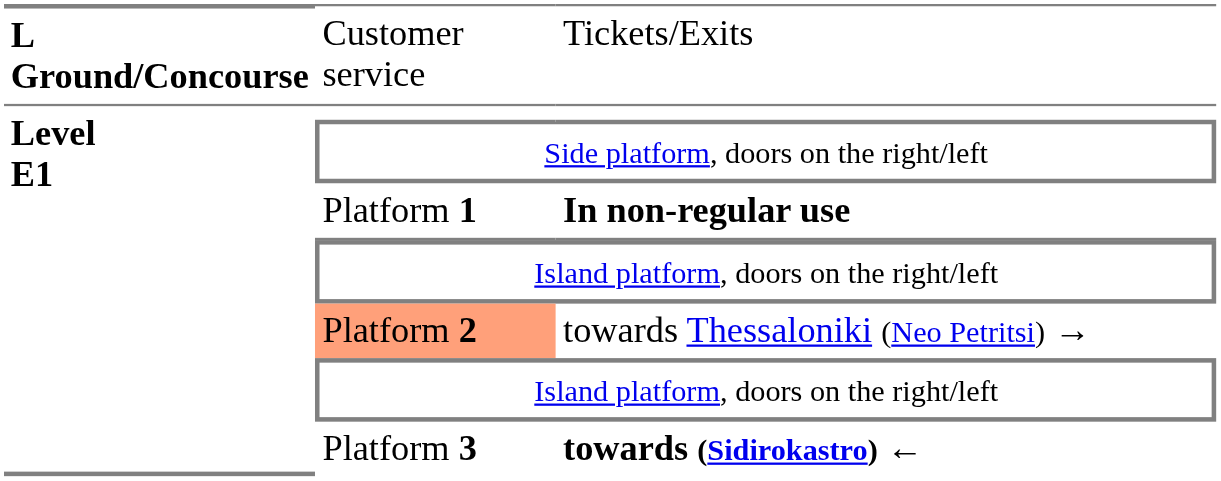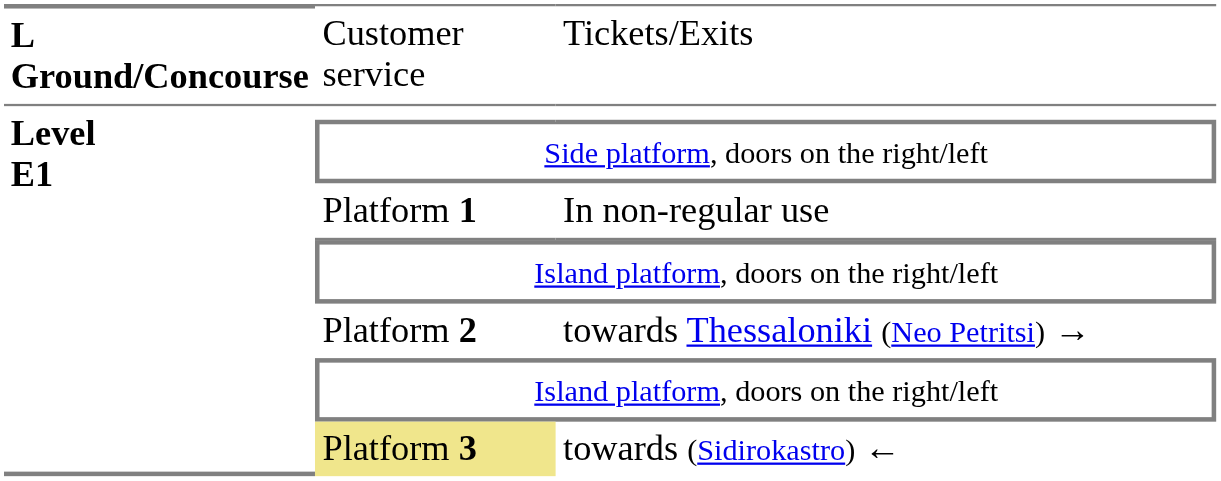 <table table border=0 cellspacing=0 cellpadding=3>
 <tr>
 <td style="border-bottom:solid 1px gray;border-top:solid 2px gray;" width=50 valign=top><strong>L<br>Ground/Concourse</strong></td>
 <td style="border-top:solid 1px gray;border-bottom:solid 1px gray;" width=100 valign=top>Customer service</td>
 <td style="border-top:solid 1px gray;border-bottom:solid 1px gray;" width=285 valign=top>Tickets/Exits</td>
 </tr>
 <tr>
 <td style="border-bottom:solid 2px gray;" rowspan=15 valign=top><strong>Level<br>Ε1</strong></td>
 <td style="border-bottom:solid 1px gray;"></td>
 <td style="border-bottom:solid 1px gray;"></td>
 </tr>
 <tr>
 <td style="border-top:solid 1px gray;border-right:solid 2px gray;border-left:solid 2px gray;border-bottom:solid 2px gray;text-align:center;" colspan=2><small><a href='#'>Side platform</a>, doors on the right/left</small></td>
 </tr>
 <tr>
 <td style="border-bottom:solid 1px gray;">Platform <strong>1</strong></td>
-<td style="border-bottom:solid 1px gray;"><strong>In non-regular use</strong></td>
+<td style="border-bottom:solid 1px gray;">In non-regular use</td>
 </tr>
 <tr>
 <td style="border-top:solid 2px gray;border-right:solid 2px gray;border-left:solid 2px gray;border-bottom:solid 2px gray;text-align:center;" colspan=2><small><a href='#'>Island platform</a>, doors on the right/left</small></td>
 </tr>
 <tr>
-<td style="background: lightsalmon;">Platform <span><strong>2</strong></span></td>
+<td>Platform <span><strong>2</strong></span></td>
 <td> towards <a href='#'>Thessaloniki</a> <small>(<a href='#'>Neo Petritsi</a>)</small> →</td>
 </tr>
 <tr>
 <td style="border-top:solid 2px gray;border-right:solid 2px gray;border-left:solid 2px gray;border-bottom:solid 2px gray;text-align:center;" colspan=2><small><a href='#'>Island platform</a>, doors on the right/left</small></td>
 </tr>
 <tr>
-<td>Platform <span><strong>3</strong></span></td>
-<td><strong> towards  <small>(<a href='#'>Sidirokastro</a>)</small> ←</strong></td>
+<td style="background: khaki;">Platform <span><strong>3</strong></span></td>
+<td> towards  <small>(<a href='#'>Sidirokastro</a>)</small> ←</td>
 </tr>
 <tr>
 </tr>
 </table>
